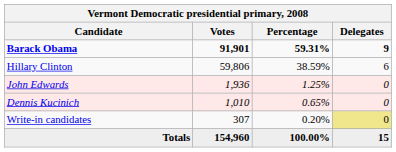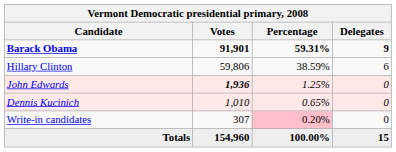 <table class="wikitable" style="font-size:95%; text-align:right;">
 <tr>
 <th colspan="4">Vermont Democratic presidential primary, 2008</th>
 </tr>
 <tr>
 <th style="width: 17em">Candidate</th>
 <th style="width: 5em">Votes</th>
 <th style="width: 7em">Percentage</th>
 <th style="width: 5em">Delegates</th>
 </tr>
 <tr>
 <td align="left"><strong><a href='#'>Barack Obama</a></strong></td>
 <td><strong>91,901</strong></td>
 <td><strong>59.31%</strong></td>
 <td><strong>9</strong></td>
 </tr>
 <tr>
 <td align="left"><a href='#'>Hillary Clinton</a></td>
 <td>59,806</td>
 <td>38.59%</td>
 <td>6</td>
 </tr>
 <tr bgcolor=#FFE8E8>
 <td align="left"><em><a href='#'>John Edwards</a></em></td>
-<td><em>1,936</em></td>
+<td><strong><em>1,936</em></strong></td>
 <td><em>1.25%</em></td>
 <td><em>0</em></td>
 </tr>
 <tr bgcolor=#FFE8E8>
 <td align="left"><em><a href='#'>Dennis Kucinich</a></em></td>
 <td><em>1,010</em></td>
 <td><em>0.65%</em></td>
 <td><em>0</em></td>
 </tr>
 <tr>
 <td align="left"><a href='#'>Write-in candidates</a></td>
 <td>307</td>
-<td>0.20%</td>
-<td style="background: khaki;">0</td>
+<td style="background: pink;">0.20%</td>
+<td>0</td>
 </tr>
 <tr bgcolor="#EEEEEE" style="margin-right:0.5em">
 <td><strong>Totals</strong></td>
 <td><strong>154,960</strong></td>
 <td><strong>100.00%</strong></td>
 <td><strong>15</strong></td>
 </tr>
 </table>
